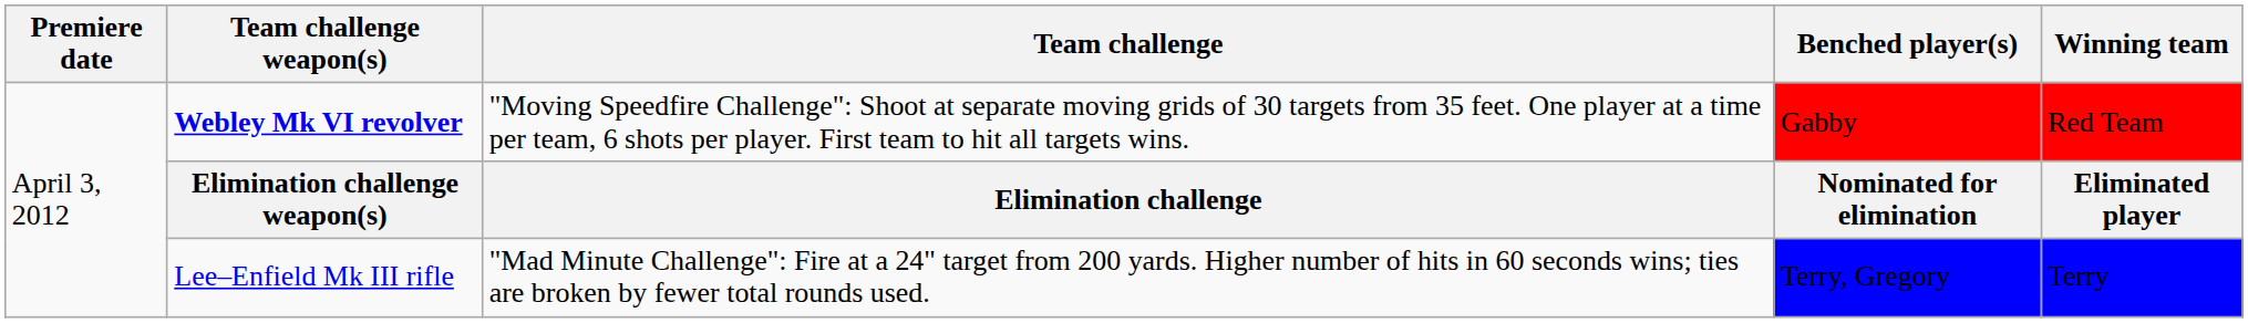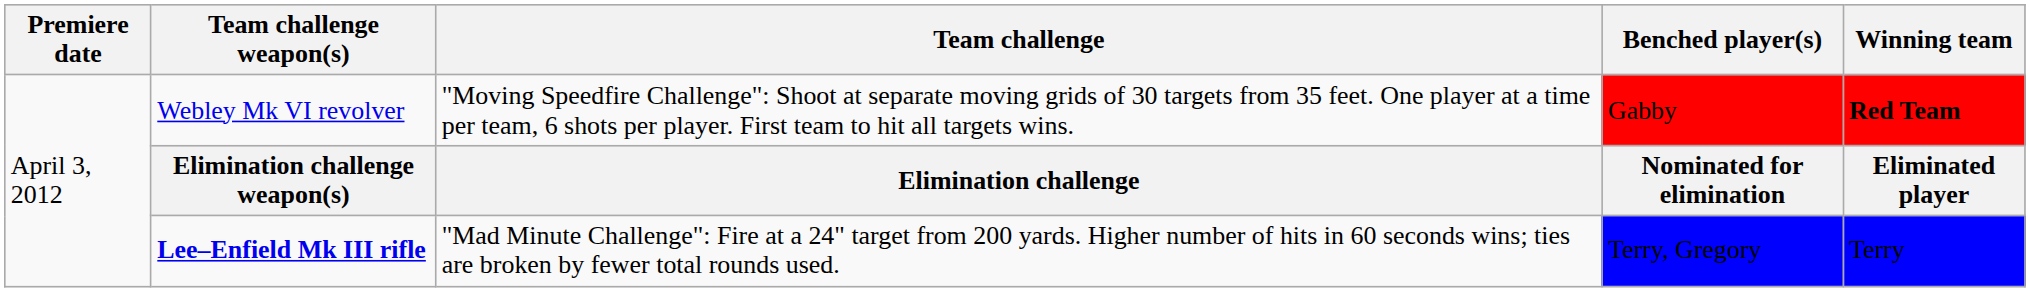 <table class="wikitable">
 <tr>
 <th>Premiere date</th>
 <th>Team challenge weapon(s)</th>
 <th>Team challenge</th>
 <th>Benched player(s)</th>
 <th>Winning team</th>
 </tr>
 <tr>
 <td rowspan="3">April 3, 2012</td>
-<td><strong><a href='#'>Webley Mk VI revolver</a></strong></td>
+<td><a href='#'>Webley Mk VI revolver</a></td>
 <td>"Moving Speedfire Challenge": Shoot at separate moving grids of 30 targets from 35 feet. One player at a time per team, 6 shots per player. First team to hit all targets wins.</td>
 <td bgcolor="red"><span>Gabby</span></td>
-<td bgcolor="red"><span>Red Team</span></td>
+<td bgcolor="red"><strong><span>Red Team</span></strong></td>
 </tr>
 <tr>
 <th>Elimination challenge weapon(s)</th>
 <th>Elimination challenge</th>
 <th>Nominated for elimination</th>
 <th>Eliminated player</th>
 </tr>
 <tr>
-<td><a href='#'>Lee–Enfield Mk III rifle</a></td>
+<td><strong><a href='#'>Lee–Enfield Mk III rifle</a></strong></td>
 <td>"Mad Minute Challenge": Fire at a 24" target from 200 yards. Higher number of hits in 60 seconds wins; ties are broken by fewer total rounds used.</td>
 <td bgcolor="blue"><span>Terry, Gregory</span></td>
 <td bgcolor="blue"><span>Terry</span></td>
 </tr>
 </table>
